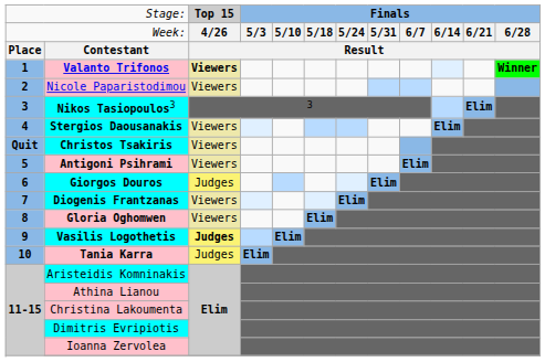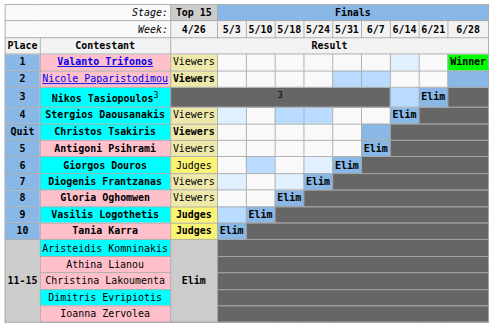 <table class="wikitable" style="margin:1em auto; text-align:center; font-size:85%">
 <tr>
 <td align="right" colspan=2><em>Stage:</em></td>
 <td bgcolor="CCCCCC"><strong>Top 15</strong></td>
 <td bgcolor="8AB8E6" colspan=9><strong>Finals</strong></td>
 </tr>
 <tr>
 <td align="right" colspan=2><em>Week:</em></td>
 <th>4/26</th>
 <th>5/3</th>
 <th>5/10</th>
 <th>5/18</th>
 <th>5/24</th>
 <th>5/31</th>
 <th>6/7</th>
 <th>6/14</th>
 <th>6/21</th>
 <th>6/28</th>
 </tr>
 <tr>
 <th>Place</th>
 <th>Contestant</th>
 <th colspan="14" style="text-align:center;">Result</th>
 </tr>
 <tr>
 <td style="text-align:center; background:#8ab8e6;"><strong>1</strong></td>
 <td style="background:pink;"><strong><a href='#'>Valanto Trifonos</a></strong></td>
-<td style="background:palegoldenrod; text-align:center;"><strong>Viewers</strong></td>
+<td style="background:palegoldenrod; text-align:center;">Viewers</td>
 <td></td>
 <td></td>
 <td></td>
 <td></td>
 <td></td>
 <td></td>
 <td style="background:#e0f0ff; text-align:center;"></td>
 <td></td>
 <td style="color:black; text-align:center; background:lime;"><strong>Winner</strong></td>
 </tr>
 <tr>
 <td style="text-align:center; background:#8ab8e6;"><strong>2</strong></td>
 <td style="background:pink;"><a href='#'>Nicole Paparistodimou</a></td>
-<td style="background:palegoldenrod; text-align:center;">Viewers</td>
+<td style="background:palegoldenrod; text-align:center;"><strong>Viewers</strong></td>
 <td></td>
 <td></td>
 <td></td>
 <td></td>
 <td style="background:#b8dbff; text-align:center;"></td>
 <td style="background:#b8dbff; text-align:center;"></td>
 <td></td>
 <td></td>
 <td style="background:#8ab8e6; text-align:center;"></td>
 </tr>
 <tr>
 <td style="text-align:center; background:#8ab8e6;"><strong>3</strong></td>
 <td style="background:cyan;"><strong>Nikos Tasiopoulos</strong><sup>3</sup></td>
 <td colspan="7" style="background:#666;"><sup>3</sup></td>
 <td style="background:#b8dbff; text-align:center;"></td>
 <td style="background:#8ab8e6; text-align:center;" rowspan="1"><strong>Elim</strong></td>
 <td colspan="2" style="background:#666;"></td>
 </tr>
 <tr>
 <td style="text-align:center; background:#8ab8e6;"><strong>4</strong></td>
 <td style="background:cyan;"><strong>Stergios Daousanakis</strong></td>
 <td style="background:palegoldenrod; text-align:center;">Viewers</td>
 <td style="background:#e0f0ff; text-align:center;"></td>
 <td></td>
 <td style="background:#b8dbff; text-align:center;"></td>
 <td style="background:#b8dbff; text-align:center;"></td>
 <td></td>
 <td></td>
 <td style="background:#8ab8e6; text-align:center;" rowspan="1"><strong>Elim</strong></td>
 <td colspan="3" style="background:#666;"></td>
 </tr>
 <tr>
 <td style="text-align:center; background:#8ab8e6;"><strong>Quit</strong></td>
 <td style="background:cyan;"><strong>Christos Tsakiris</strong></td>
-<td style="background:palegoldenrod; text-align:center;">Viewers</td>
+<td style="background:palegoldenrod; text-align:center;"><strong>Viewers</strong></td>
 <td></td>
 <td></td>
 <td></td>
 <td></td>
 <td></td>
 <td style="background:#8ab8e6; text-align:center;"></td>
 <td colspan="4" style="background:#666;"></td>
 </tr>
 <tr>
 <td style="text-align:center; background:#8ab8e6;"><strong>5</strong></td>
 <td style="background:pink;"><strong>Antigoni Psihrami</strong></td>
 <td style="background:palegoldenrod; text-align:center;">Viewers</td>
 <td></td>
 <td></td>
 <td></td>
 <td></td>
 <td></td>
 <td style="background:#8ab8e6; text-align:center;" rowspan="1"><strong>Elim</strong></td>
 <td colspan="4" style="background:#666;"></td>
 </tr>
 <tr>
 <td style="text-align:center; background:#8ab8e6;"><strong>6</strong></td>
 <td style="background:cyan;"><strong>Giorgos Douros</strong></td>
 <td style="background:#fbf373; text-align:center;">Judges</td>
 <td></td>
 <td style="background:#b8dbff; text-align:center;"></td>
 <td></td>
 <td style="background:#e0f0ff; text-align:center;"></td>
 <td style="background:#8ab8e6; text-align:center;" rowspan="1"><strong>Elim</strong></td>
 <td colspan="4" style="background:#666;"></td>
 </tr>
 <tr>
 <td style="text-align:center; background:#8ab8e6;"><strong>7</strong></td>
 <td style="background:cyan;"><strong>Diogenis Frantzanas</strong></td>
 <td style="background:palegoldenrod; text-align:center;">Viewers</td>
 <td style="background:#e0f0ff; text-align:center;"></td>
 <td></td>
 <td style="background:#e0f0ff; text-align:center;"></td>
 <td style="background:#8ab8e6; text-align:center;" rowspan="1"><strong>Elim</strong></td>
 <td colspan="5" style="background:#666;"></td>
 </tr>
 <tr>
 <td style="text-align:center; background:#8ab8e6;"><strong>8</strong></td>
 <td style="background:pink;"><strong>Gloria Oghomwen</strong></td>
 <td style="background:palegoldenrod; text-align:center;">Viewers</td>
 <td></td>
 <td></td>
 <td style="background:#8ab8e6; text-align:center;" rowspan="1"><strong>Elim</strong></td>
 <td colspan="6" style="background:#666;"></td>
 </tr>
 <tr>
 <td style="text-align:center; background:#8ab8e6;"><strong>9</strong></td>
 <td style="background:cyan;"><strong>Vasilis Logothetis</strong></td>
 <td style="background:#fbf373; text-align:center;"><strong>Judges</strong></td>
 <td style="background:#b8dbff; text-align:center;"></td>
 <td style="background:#8ab8e6; text-align:center;" rowspan="1"><strong>Elim</strong></td>
 <td colspan="7" style="background:#666;"></td>
 </tr>
 <tr>
 <td style="text-align:center; background:#8ab8e6;"><strong>10</strong></td>
 <td style="background:pink;"><strong>Tania Karra</strong></td>
-<td style="background:#fbf373; text-align:center;">Judges</td>
+<td style="background:#fbf373; text-align:center;"><strong>Judges</strong></td>
 <td style="background:#8ab8e6; text-align:center;" rowspan="1"><strong>Elim</strong></td>
 <td colspan="8" style="background:#666;"></td>
 </tr>
 <tr>
 <td style="background:#ccc; text-align:center;" rowspan="8"><strong>11-15</strong></td>
 <td bgcolor="cyan">Aristeidis Komninakis</td>
 <td style="background:#ccc; text-align:center;" rowspan="5"><strong>Elim</strong></td>
 <td colspan="9" style="background:#666;"></td>
 </tr>
 <tr>
 <td bgcolor="pink">Athina Lianou</td>
 <td colspan="9" style="background:#666;"></td>
 </tr>
 <tr>
 <td bgcolor="pink">Christina Lakoumenta</td>
 <td colspan="9" style="background:#666;"></td>
 </tr>
 <tr>
 <td bgcolor="cyan">Dimitris Evripiotis</td>
 <td colspan="9" style="background:#666;"></td>
 </tr>
 <tr>
 <td bgcolor="pink">Ioanna Zervolea</td>
 <td colspan="9" style="background:#666;"></td>
 </tr>
 <tr>
 </tr>
 </table>
